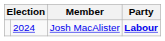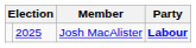 <table class="wikitable">
 <tr>
 <th colspan="2">Election</th>
 <th>Member</th>
 <th>Party</th>
 </tr>
 <tr>
 <td style="color:inherit;background-color: "></td>
-<td><a href='#'>2024</a></td>
+<td><a href='#'>2025</a></td>
 <td><a href='#'>Josh MacAlister</a></td>
 <td><strong><a href='#'>Labour</a></strong></td>
 </tr>
 </table>
